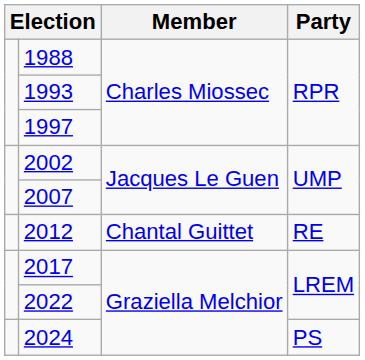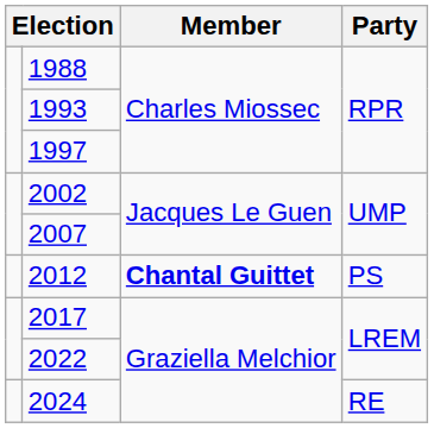 <table class="wikitable">
 <tr>
 <th colspan="2">Election</th>
 <th>Member</th>
 <th>Party</th>
 </tr>
 <tr>
 <td rowspan="3" style="color:inherit;background-color: "></td>
 <td><a href='#'>1988</a></td>
 <td rowspan="3"><a href='#'>Charles Miossec</a></td>
 <td rowspan="3"><a href='#'>RPR</a></td>
 </tr>
 <tr>
 <td><a href='#'>1993</a></td>
 </tr>
 <tr>
 <td><a href='#'>1997</a></td>
 </tr>
 <tr>
 <td rowspan="2" style="color:inherit;background-color: "></td>
 <td><a href='#'>2002</a></td>
 <td rowspan="2"><a href='#'>Jacques Le Guen</a></td>
 <td rowspan="2"><a href='#'>UMP</a></td>
 </tr>
 <tr>
 <td><a href='#'>2007</a></td>
 </tr>
 <tr>
 <td style="color:inherit;background-color: "></td>
 <td><a href='#'>2012</a></td>
-<td><a href='#'>Chantal Guittet</a></td>
-<td><a href='#'>RE</a></td>
+<td><strong><a href='#'>Chantal Guittet</a></strong></td>
+<td><a href='#'>PS</a></td>
 </tr>
 <tr>
 <td rowspan="2" style="color:inherit;background-color: "></td>
 <td><a href='#'>2017</a></td>
 <td rowspan="3"><a href='#'>Graziella Melchior</a></td>
 <td rowspan="2"><a href='#'>LREM</a></td>
 </tr>
 <tr>
 <td><a href='#'>2022</a></td>
 </tr>
 <tr>
 <td style="color:inherit;background-color: "></td>
 <td><a href='#'>2024</a></td>
-<td><a href='#'>PS</a></td>
+<td><a href='#'>RE</a></td>
 </tr>
 </table>
